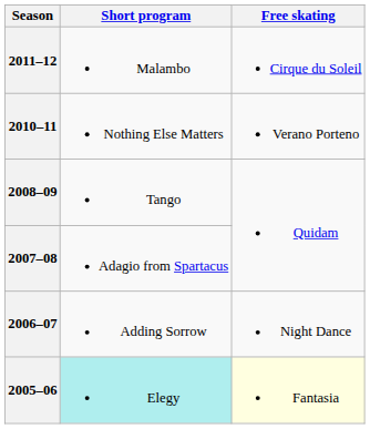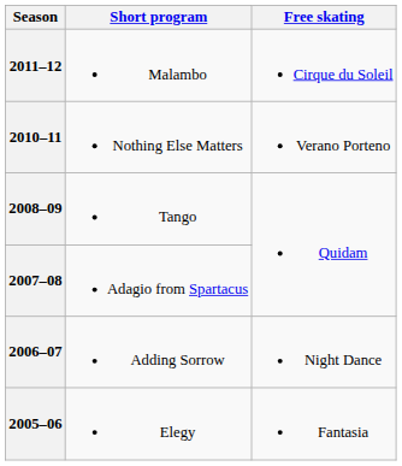 <table class="wikitable" style="text-align:center">
 <tr>
 <th>Season</th>
 <th><a href='#'>Short program</a></th>
 <th><a href='#'>Free skating</a></th>
 </tr>
 <tr>
 <th>2011–12 <br> </th>
 <td><br><ul><li>Malambo <br></li></ul></td>
 <td><br><ul><li><a href='#'>Cirque du Soleil</a></li></ul></td>
 </tr>
 <tr>
 <th>2010–11 <br> </th>
 <td><br><ul><li>Nothing Else Matters <br></li></ul></td>
 <td><br><ul><li>Verano Porteno  <br></li></ul></td>
 </tr>
 <tr>
 <th>2008–09 <br> </th>
 <td><br><ul><li>Tango <br></li></ul></td>
 <td rowspan=2><br><ul><li><a href='#'>Quidam</a> <br></li></ul></td>
 </tr>
 <tr>
 <th>2007–08 <br> </th>
 <td><br><ul><li>Adagio from <a href='#'>Spartacus</a> <br></li></ul></td>
 </tr>
 <tr>
 <th>2006–07 <br> </th>
 <td><br><ul><li>Adding Sorrow <br></li></ul></td>
 <td><br><ul><li>Night Dance <br></li></ul></td>
 </tr>
 <tr>
 <th>2005–06 <br> </th>
-<td style="background: paleturquoise;"><br><ul><li>Elegy <br></li></ul></td>
-<td style="background: lightyellow;"><br><ul><li>Fantasia <br></li></ul></td>
+<td><br><ul><li>Elegy <br></li></ul></td>
+<td><br><ul><li>Fantasia <br></li></ul></td>
 </tr>
 </table>
